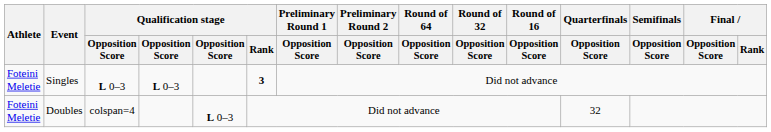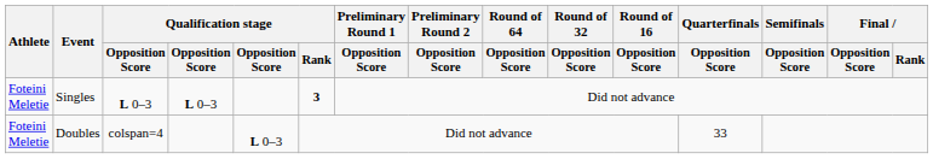 <table class=wikitable style=font-size:90%;text-align:center>
 <tr>
 <th rowspan=2>Athlete</th>
 <th rowspan=2>Event</th>
 <th colspan=4>Qualification stage</th>
 <th>Preliminary Round 1</th>
 <th>Preliminary Round 2</th>
 <th>Round of 64</th>
 <th>Round of 32</th>
 <th>Round of 16</th>
 <th>Quarterfinals</th>
 <th>Semifinals</th>
 <th colspan=2>Final / </th>
 </tr>
 <tr style=font-size:95%>
 <th>Opposition<br>Score</th>
 <th>Opposition<br>Score</th>
 <th>Opposition<br>Score</th>
 <th>Rank</th>
 <th>Opposition<br>Score</th>
 <th>Opposition<br>Score</th>
 <th>Opposition<br>Score</th>
 <th>Opposition<br>Score</th>
 <th>Opposition<br>Score</th>
 <th>Opposition<br>Score</th>
 <th>Opposition<br>Score</th>
 <th>Opposition<br>Score</th>
 <th>Rank</th>
 </tr>
 <tr>
 <td align=left><a href='#'>Foteini Meletie</a></td>
 <td align=left>Singles</td>
 <td><br><strong>L</strong> 0–3</td>
 <td><br><strong>L</strong> 0–3</td>
 <td></td>
 <td><strong>3</strong></td>
 <td colspan=9>Did not advance</td>
 </tr>
 <tr>
 <td align=left><a href='#'>Foteini Meletie</a><br></td>
 <td>Doubles</td>
 <td>colspan=4</td>
 <td></td>
 <td><br><strong>L</strong> 0–3</td>
 <td colspan=6>Did not advance</td>
-<td>32</td>
+<td>33</td>
 </tr>
 </table>
